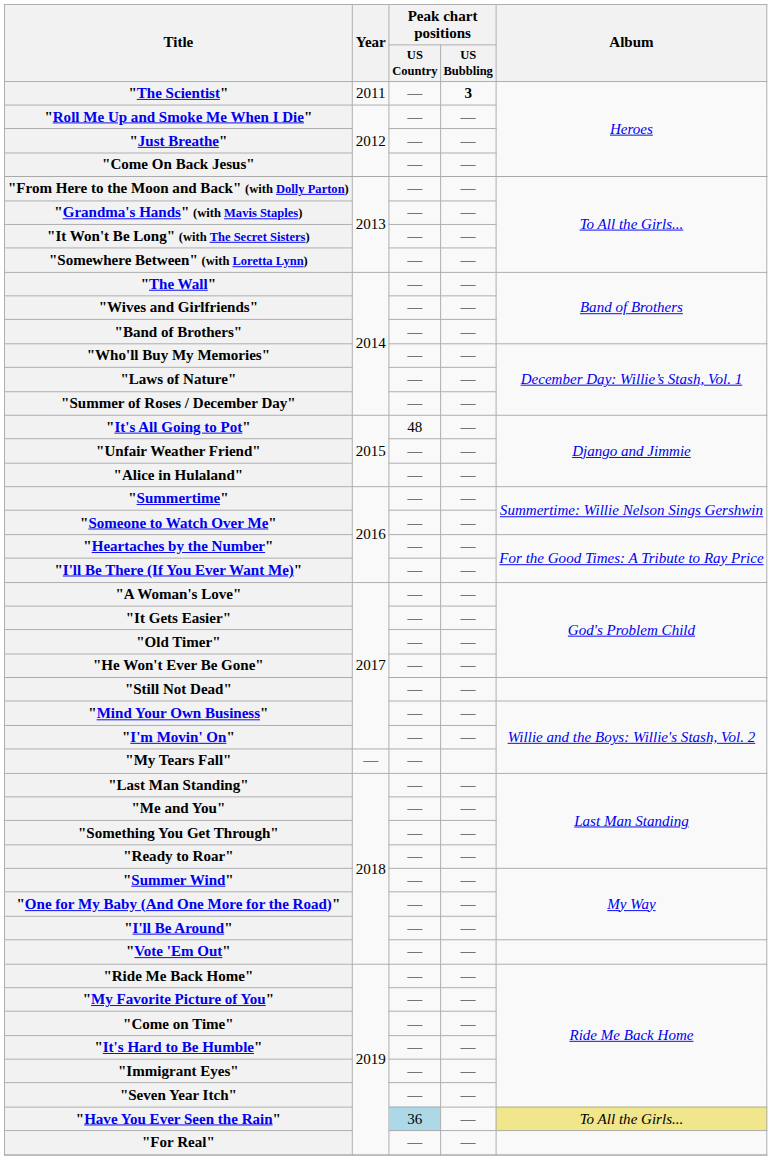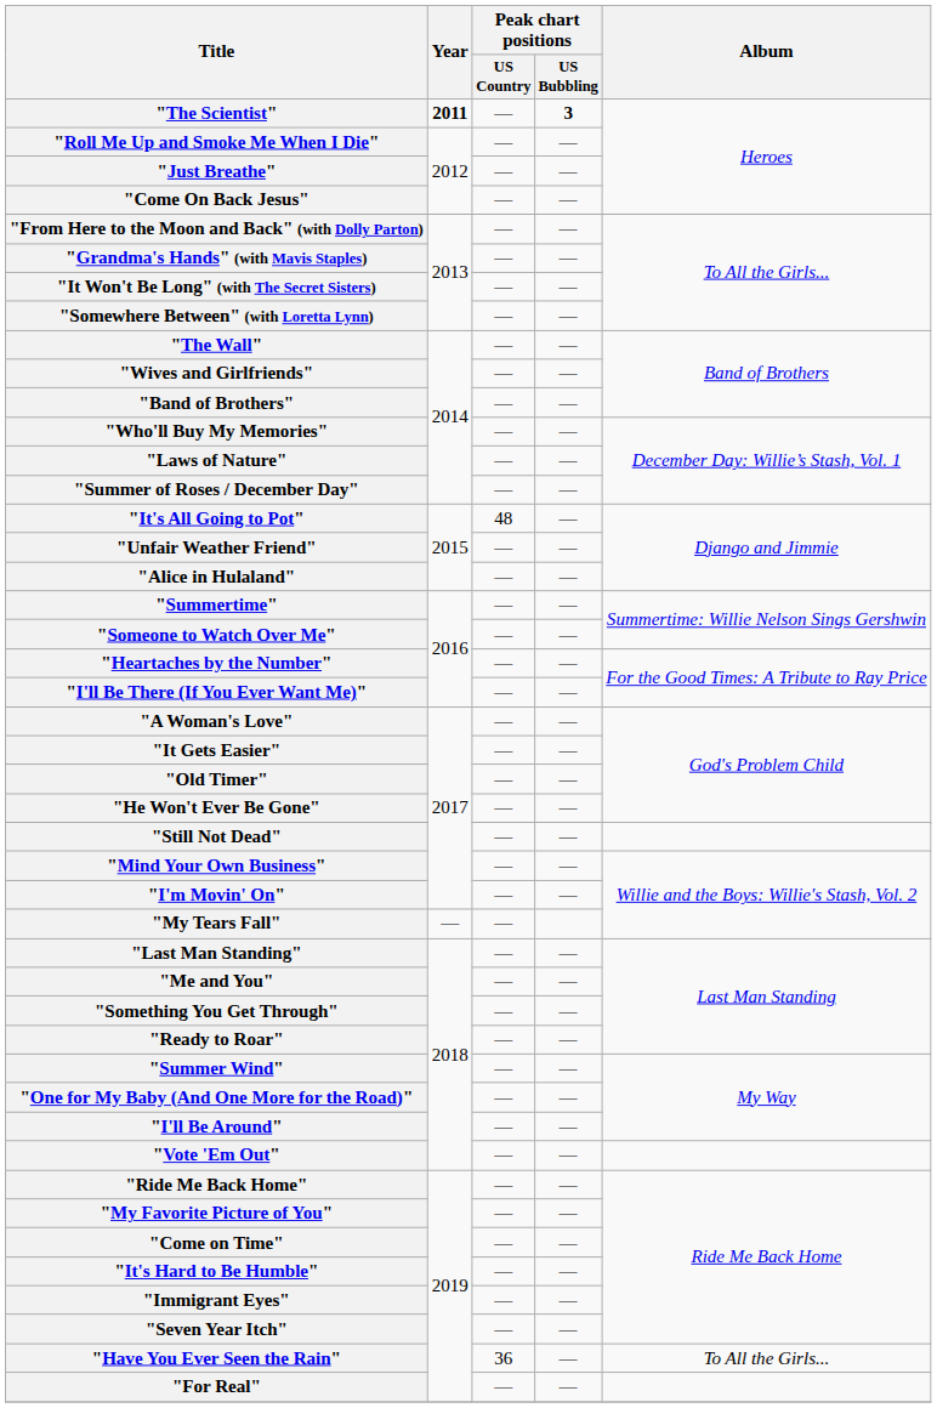 <table class="wikitable plainrowheaders" style="text-align:center;">
 <tr>
 <th rowspan="2">Title</th>
 <th rowspan="2">Year</th>
 <th colspan="2">Peak chart<br>positions</th>
 <th rowspan="2">Album</th>
 </tr>
 <tr style="font-size:smaller;">
 <th width="45">US Country<br></th>
 <th width="45">US Bubbling<br></th>
 </tr>
 <tr>
 <th scope="row">"<a href='#'>The Scientist</a>"</th>
-<td>2011</td>
+<td><strong>2011</strong></td>
 <td>—</td>
 <td><strong>3</strong></td>
 <td rowspan="4"><em><a href='#'>Heroes</a></em></td>
 </tr>
 <tr>
 <th scope="row">"<a href='#'>Roll Me Up and Smoke Me When I Die</a>"</th>
 <td rowspan="3">2012</td>
 <td>—</td>
 <td>—</td>
 </tr>
 <tr>
 <th scope="row">"<a href='#'>Just Breathe</a>"</th>
 <td>—</td>
 <td>—</td>
 </tr>
 <tr>
 <th scope="row">"Come On Back Jesus"</th>
 <td>—</td>
 <td>—</td>
 </tr>
 <tr>
 </tr>
 <tr>
 <th scope="row">"From Here to the Moon and Back" <small>(with <a href='#'>Dolly Parton</a>)</small></th>
 <td rowspan="4">2013</td>
 <td>—</td>
 <td>—</td>
 <td rowspan="4"><em><a href='#'>To All the Girls...</a></em></td>
 </tr>
 <tr>
 <th scope="row">"<a href='#'>Grandma's Hands</a>" <small>(with <a href='#'>Mavis Staples</a>)</small></th>
 <td>—</td>
 <td>—</td>
 </tr>
 <tr>
 <th scope="row">"It Won't Be Long" <small>(with <a href='#'>The Secret Sisters</a>)</small></th>
 <td>—</td>
 <td>—</td>
 </tr>
 <tr>
 <th scope="row">"Somewhere Between" <small>(with <a href='#'>Loretta Lynn</a>)</small></th>
 <td>—</td>
 <td>—</td>
 </tr>
 <tr>
 <th scope="row">"<a href='#'>The Wall</a>"</th>
 <td rowspan="6">2014</td>
 <td>—</td>
 <td>—</td>
 <td rowspan="3"><em><a href='#'>Band of Brothers</a></em></td>
 </tr>
 <tr>
 <th scope="row">"Wives and Girlfriends"</th>
 <td>—</td>
 <td>—</td>
 </tr>
 <tr>
 <th scope="row">"Band of Brothers"</th>
 <td>—</td>
 <td>—</td>
 </tr>
 <tr>
 <th scope="row">"Who'll Buy My Memories" </th>
 <td>—</td>
 <td>—</td>
 <td rowspan="3"><em><a href='#'>December Day: Willie’s Stash, Vol. 1</a></em></td>
 </tr>
 <tr>
 <th scope="row">"Laws of Nature" </th>
 <td>—</td>
 <td>—</td>
 </tr>
 <tr>
 <th scope="row">"Summer of Roses / December Day" </th>
 <td>—</td>
 <td>—</td>
 </tr>
 <tr>
 <th scope = "row">"<a href='#'>It's All Going to Pot</a>" </th>
 <td rowspan = "3">2015</td>
 <td>48</td>
 <td>—</td>
 <td rowspan = "3"><em><a href='#'>Django and Jimmie</a></em></td>
 </tr>
 <tr>
 <th scope="row">"Unfair Weather Friend" </th>
 <td>—</td>
 <td>—</td>
 </tr>
 <tr>
 <th scope="row">"Alice in Hulaland" </th>
 <td>—</td>
 <td>—</td>
 </tr>
 <tr>
 <th scope="row">"<a href='#'>Summertime</a>"</th>
 <td rowspan="4">2016</td>
 <td>—</td>
 <td>—</td>
 <td rowspan="2"><em><a href='#'>Summertime: Willie Nelson Sings Gershwin</a></em></td>
 </tr>
 <tr>
 <th scope="row">"<a href='#'>Someone to Watch Over Me</a>"</th>
 <td>—</td>
 <td>—</td>
 </tr>
 <tr>
 <th scope="row">"<a href='#'>Heartaches by the Number</a>"</th>
 <td>—</td>
 <td>—</td>
 <td rowspan="2"><em><a href='#'>For the Good Times: A Tribute to Ray Price</a></em></td>
 </tr>
 <tr>
 <th scope="row">"<a href='#'>I'll Be There (If You Ever Want Me)</a>"</th>
 <td>—</td>
 <td>—</td>
 </tr>
 <tr>
 <th scope="row">"A Woman's Love"</th>
 <td rowspan="8">2017</td>
 <td>—</td>
 <td>—</td>
 <td rowspan="5"><em><a href='#'>God's Problem Child</a></em></td>
 </tr>
 <tr>
 <th scope="row">"It Gets Easier"</th>
 <td>—</td>
 <td>—</td>
 </tr>
 <tr>
 <th scope="row">"Old Timer"</th>
 <td>—</td>
 <td>—</td>
 </tr>
 <tr>
 <th scope="row">"He Won't Ever Be Gone"</th>
 <td>—</td>
 <td>—</td>
 </tr>
 <tr>
 </tr>
 <tr>
 <th scope="row">"Still Not Dead"</th>
 <td>—</td>
 <td>—</td>
 </tr>
 <tr>
 <th scope="row">"<a href='#'>Mind Your Own Business</a>"</th>
 <td>—</td>
 <td>—</td>
 <td rowspan = "3"><em><a href='#'>Willie and the Boys: Willie's Stash, Vol. 2</a></em></td>
 </tr>
 <tr>
 <th scope="row">"<a href='#'>I'm Movin' On</a>"</th>
 <td>—</td>
 <td>—</td>
 </tr>
 <tr>
 <th scope="row">"My Tears Fall"</th>
 <td>—</td>
 <td>—</td>
 </tr>
 <tr>
 <th scope="row">"Last Man Standing"</th>
 <td rowspan="8">2018</td>
 <td>—</td>
 <td>—</td>
 <td rowspan="4"><em><a href='#'>Last Man Standing</a></em></td>
 </tr>
 <tr>
 <th scope="row">"Me and You"</th>
 <td>—</td>
 <td>—</td>
 </tr>
 <tr>
 <th scope="row">"Something You Get Through"</th>
 <td>—</td>
 <td>—</td>
 </tr>
 <tr>
 <th scope="row">"Ready to Roar"</th>
 <td>—</td>
 <td>—</td>
 </tr>
 <tr>
 <th scope="row">"<a href='#'>Summer Wind</a>"</th>
 <td>—</td>
 <td>—</td>
 <td rowspan="3"><em><a href='#'>My Way</a></em></td>
 </tr>
 <tr>
 <th scope="row">"<a href='#'>One for My Baby (And One More for the Road)</a>"</th>
 <td>—</td>
 <td>—</td>
 </tr>
 <tr>
 <th scope="row">"<a href='#'>I'll Be Around</a>"</th>
 <td>—</td>
 <td>—</td>
 </tr>
 <tr>
 <th scope="row">"<a href='#'>Vote 'Em Out</a>"</th>
 <td>—</td>
 <td>—</td>
 <td></td>
 </tr>
 <tr>
 <th scope="row">"Ride Me Back Home"</th>
 <td rowspan = "8">2019</td>
 <td>—</td>
 <td>—</td>
 <td rowspan = "6"><em><a href='#'>Ride Me Back Home</a></em></td>
 </tr>
 <tr>
 <th scope="row">"<a href='#'>My Favorite Picture of You</a>"</th>
 <td>—</td>
 <td>—</td>
 </tr>
 <tr>
 <th scope="row">"Come on Time"</th>
 <td>—</td>
 <td>—</td>
 </tr>
 <tr>
 <th scope="row">"<a href='#'>It's Hard to Be Humble</a>"<br></th>
 <td>—</td>
 <td>—</td>
 </tr>
 <tr>
 <th scope="row">"Immigrant Eyes"</th>
 <td>—</td>
 <td>—</td>
 </tr>
 <tr>
 <th scope="row">"Seven Year Itch"</th>
 <td>—</td>
 <td>—</td>
 </tr>
 <tr>
 <th scope="row">"<a href='#'>Have You Ever Seen the Rain</a>"<br></th>
-<td style="background: lightblue;">36</td>
+<td>36</td>
 <td>—</td>
-<td style="background: khaki;"><em>To All the Girls...</em></td>
+<td><em>To All the Girls...</em></td>
 </tr>
 <tr>
 <th scope="row">"For Real"<br></th>
 <td>—</td>
 <td>—</td>
 <td></td>
 </tr>
 <tr>
 </tr>
 </table>
